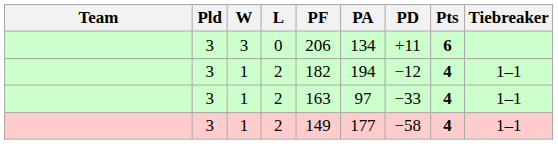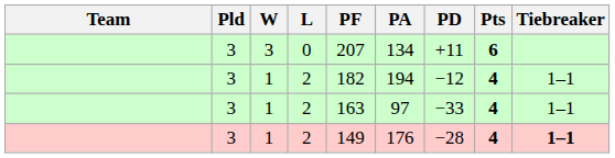 <table class="wikitable" style="text-align:center;">
 <tr>
 <th width=170>Team</th>
 <th width=25>Pld</th>
 <th width=25>W</th>
 <th width=25>L</th>
 <th width=35>PF</th>
 <th width=35>PA</th>
 <th width=35>PD</th>
 <th width=25>Pts</th>
 <th width=50>Tiebreaker</th>
 </tr>
 <tr bgcolor=ccffcc>
 <td align="left"></td>
 <td>3</td>
 <td>3</td>
 <td>0</td>
-<td>206</td>
+<td>207</td>
 <td>134</td>
 <td>+11</td>
 <td><strong>6</strong></td>
 <td></td>
 </tr>
 <tr bgcolor=ccffcc>
 <td align="left"></td>
 <td>3</td>
 <td>1</td>
 <td>2</td>
 <td>182</td>
 <td>194</td>
 <td>−12</td>
 <td><strong>4</strong></td>
 <td>1–1</td>
 </tr>
 <tr bgcolor=ccffcc>
 <td align="left"></td>
 <td>3</td>
 <td>1</td>
 <td>2</td>
 <td>163</td>
 <td>97</td>
 <td>−33</td>
 <td><strong>4</strong></td>
 <td>1–1</td>
 </tr>
 <tr bgcolor=ffcccc>
 <td align="left"></td>
 <td>3</td>
 <td>1</td>
 <td>2</td>
 <td>149</td>
-<td>177</td>
-<td>−58</td>
+<td>176</td>
+<td>−28</td>
 <td><strong>4</strong></td>
-<td>1–1</td>
+<td><strong>1–1</strong></td>
 </tr>
 </table>
